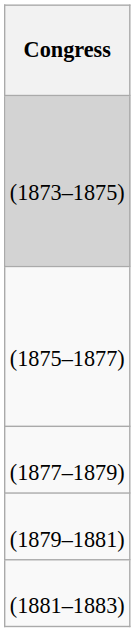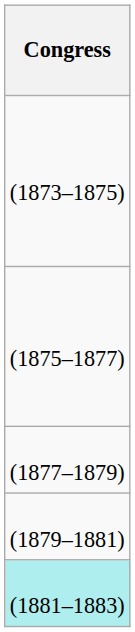 <table class="wikitable" style="float:left; margin:0; margin-right:-0.5px; margin-top:14px; text-align:center;">
 <tr style="white-space:nowrap; height:4.08em;">
 <th>Congress</th>
 </tr>
 <tr style="white-space:nowrap; height:7.64em;">
-<td style="background: lightgrey;"><strong></strong><br>(1873–1875)</td>
+<td><strong></strong><br>(1873–1875)</td>
 </tr>
 <tr style="white-space:nowrap; height:7.24em">
 <td><strong></strong><br>(1875–1877)</td>
 </tr>
 <tr style="white-space:nowrap; height:3em">
 <td><strong></strong><br>(1877–1879)</td>
 </tr>
 <tr style="white-space:nowrap; height:3em">
 <td><strong></strong><br>(1879–1881)</td>
 </tr>
 <tr style="white-space:nowrap; height:3em">
-<td><strong></strong><br>(1881–1883)</td>
+<td style="background: paleturquoise;"><strong></strong><br>(1881–1883)</td>
 </tr>
 </table>
